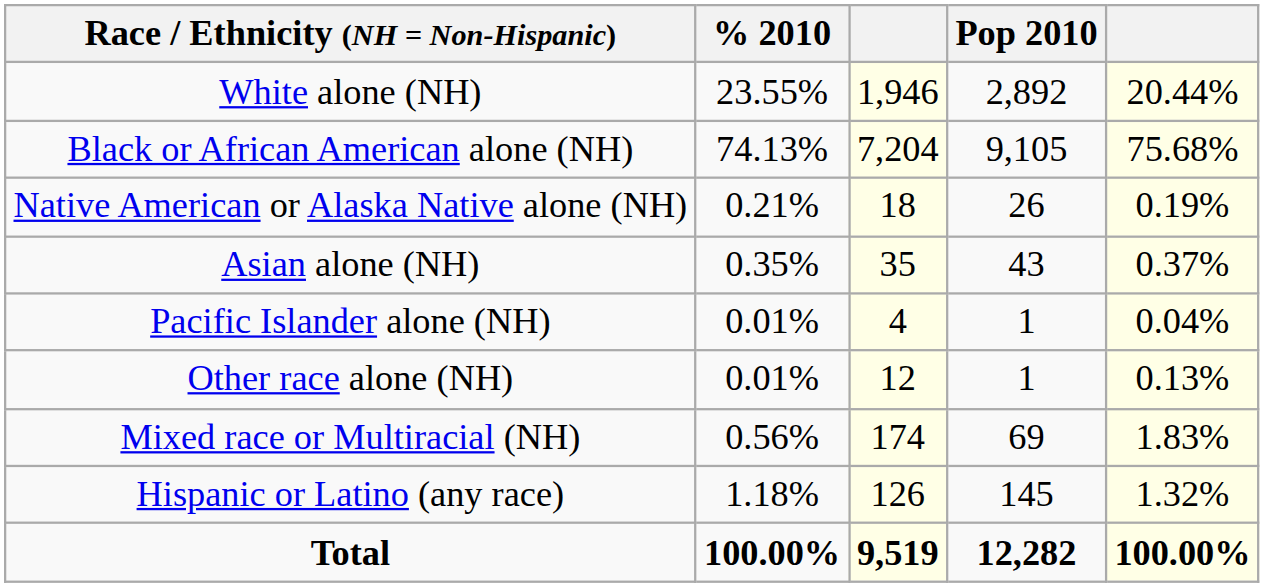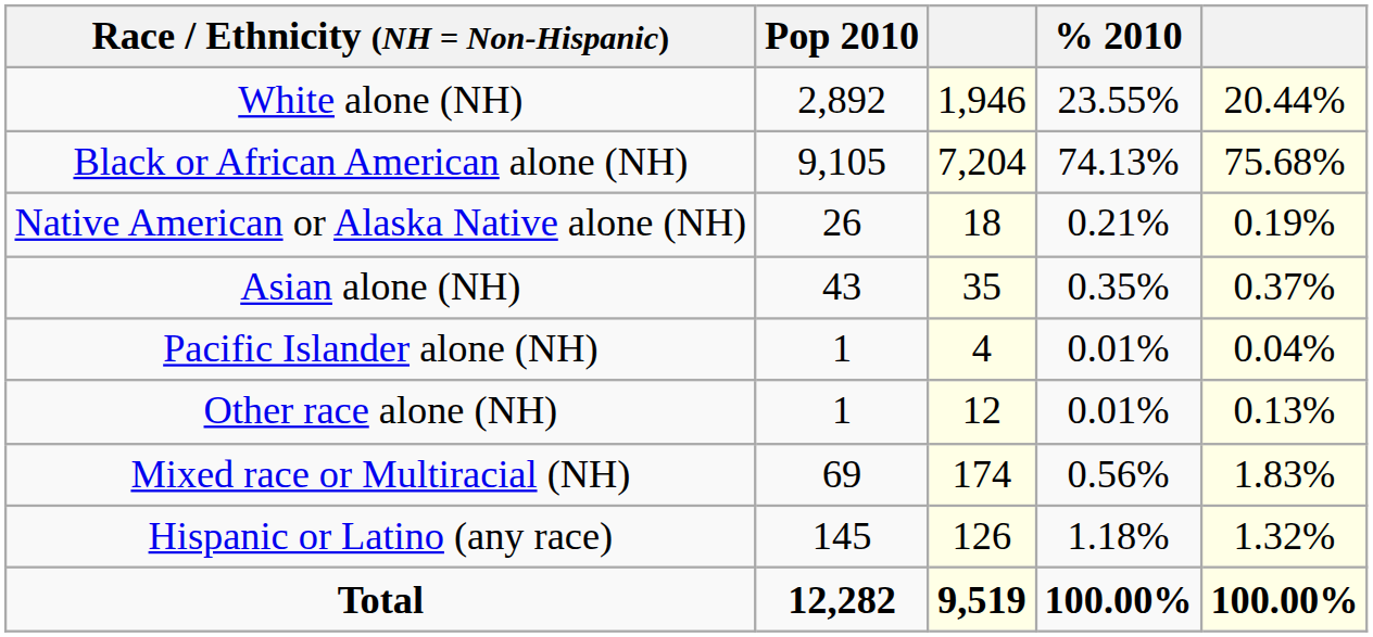 <table class="wikitable" style="text-align:center;">
 <tr>
 <th>Race / Ethnicity <small>(<em>NH = Non-Hispanic</em>)</small></th>
+<th>Pop 2010</th>
+<th></th>
 <th>% 2010</th>
-<th></th>
-<th>Pop 2010</th>
 <th></th>
 </tr>
 <tr>
 <td><a href='#'>White</a> alone (NH)</td>
+<td>2,892</td>
+<td style='background: #ffffe6;'>1,946</td>
 <td>23.55%</td>
-<td style='background: #ffffe6;'>1,946</td>
-<td>2,892</td>
 <td style='background: #ffffe6;'>20.44%</td>
 </tr>
 <tr>
 <td><a href='#'>Black or African American</a> alone (NH)</td>
+<td>9,105</td>
+<td style='background: #ffffe6;'>7,204</td>
 <td>74.13%</td>
-<td style='background: #ffffe6;'>7,204</td>
-<td>9,105</td>
 <td style='background: #ffffe6;'>75.68%</td>
 </tr>
 <tr>
 <td><a href='#'>Native American</a> or <a href='#'>Alaska Native</a> alone (NH)</td>
+<td>26</td>
+<td style='background: #ffffe6;'>18</td>
 <td>0.21%</td>
-<td style='background: #ffffe6;'>18</td>
-<td>26</td>
 <td style='background: #ffffe6;'>0.19%</td>
 </tr>
 <tr>
 <td><a href='#'>Asian</a> alone (NH)</td>
+<td>43</td>
+<td style='background: #ffffe6;'>35</td>
 <td>0.35%</td>
-<td style='background: #ffffe6;'>35</td>
-<td>43</td>
 <td style='background: #ffffe6;'>0.37%</td>
 </tr>
 <tr>
 <td><a href='#'>Pacific Islander</a> alone (NH)</td>
+<td>1</td>
+<td style='background: #ffffe6;'>4</td>
 <td>0.01%</td>
-<td style='background: #ffffe6;'>4</td>
-<td>1</td>
 <td style='background: #ffffe6;'>0.04%</td>
 </tr>
 <tr>
 <td><a href='#'>Other race</a> alone (NH)</td>
+<td>1</td>
+<td style='background: #ffffe6;'>12</td>
 <td>0.01%</td>
-<td style='background: #ffffe6;'>12</td>
-<td>1</td>
 <td style='background: #ffffe6;'>0.13%</td>
 </tr>
 <tr>
 <td><a href='#'>Mixed race or Multiracial</a> (NH)</td>
+<td>69</td>
+<td style='background: #ffffe6;'>174</td>
 <td>0.56%</td>
-<td style='background: #ffffe6;'>174</td>
-<td>69</td>
 <td style='background: #ffffe6;'>1.83%</td>
 </tr>
 <tr>
 <td><a href='#'>Hispanic or Latino</a> (any race)</td>
+<td>145</td>
+<td style='background: #ffffe6;'>126</td>
 <td>1.18%</td>
-<td style='background: #ffffe6;'>126</td>
-<td>145</td>
 <td style='background: #ffffe6;'>1.32%</td>
 </tr>
 <tr>
 <td><strong>Total</strong></td>
+<td><strong>12,282</strong></td>
+<td style='background: #ffffe6;'><strong>9,519</strong></td>
 <td><strong>100.00%</strong></td>
-<td style='background: #ffffe6;'><strong>9,519</strong></td>
-<td><strong>12,282</strong></td>
 <td style='background: #ffffe6;'><strong>100.00%</strong></td>
 </tr>
 </table>
